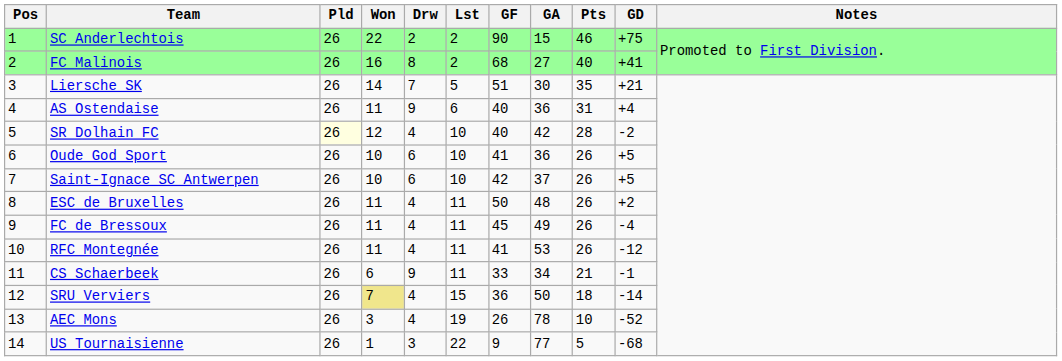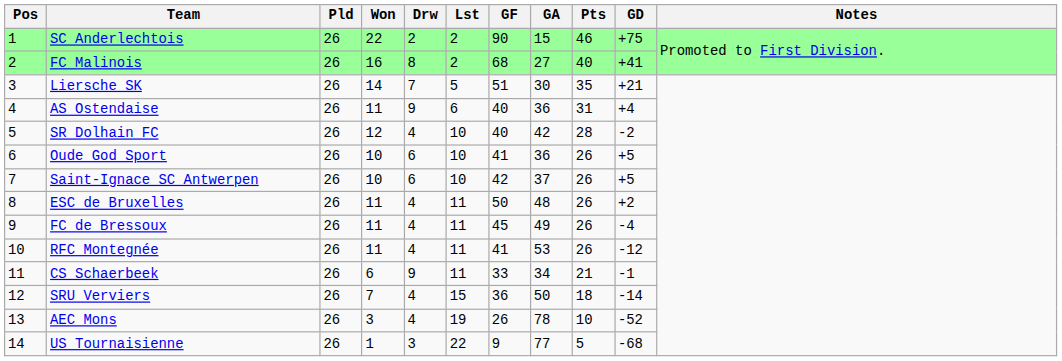 <table class="wikitable" width=70% style="font-size:90%">
 <tr>
 <th width=4%><strong>Pos</strong></th>
 <th width=26%><strong>Team</strong></th>
 <th width=4%><strong>Pld</strong></th>
 <th width=4%><strong>Won</strong></th>
 <th width=4%><strong>Drw</strong></th>
 <th width=4%><strong>Lst</strong></th>
 <th width=4%><strong>GF</strong></th>
 <th width=4%><strong>GA</strong></th>
 <th width=4%><strong>Pts</strong></th>
 <th width=4%><strong>GD</strong></th>
 <th width=38%><strong>Notes</strong></th>
 </tr>
 <tr bgcolor=#99ff99>
 <td>1</td>
 <td><a href='#'>SC Anderlechtois</a></td>
 <td>26</td>
 <td>22</td>
 <td>2</td>
 <td>2</td>
 <td>90</td>
 <td>15</td>
 <td>46</td>
 <td>+75</td>
 <td rowspan=2>Promoted to <a href='#'>First Division</a>.</td>
 </tr>
 <tr bgcolor=#99ff99>
 <td>2</td>
 <td><a href='#'>FC Malinois</a></td>
 <td>26</td>
 <td>16</td>
 <td>8</td>
 <td>2</td>
 <td>68</td>
 <td>27</td>
 <td>40</td>
 <td>+41</td>
 </tr>
 <tr>
 <td>3</td>
 <td><a href='#'>Liersche SK</a></td>
 <td>26</td>
 <td>14</td>
 <td>7</td>
 <td>5</td>
 <td>51</td>
 <td>30</td>
 <td>35</td>
 <td>+21</td>
 </tr>
 <tr>
 <td>4</td>
 <td><a href='#'>AS Ostendaise</a></td>
 <td>26</td>
 <td>11</td>
 <td>9</td>
 <td>6</td>
 <td>40</td>
 <td>36</td>
 <td>31</td>
 <td>+4</td>
 </tr>
 <tr>
 <td>5</td>
 <td><a href='#'>SR Dolhain FC</a></td>
-<td style="background: lightyellow;">26</td>
+<td>26</td>
 <td>12</td>
 <td>4</td>
 <td>10</td>
 <td>40</td>
 <td>42</td>
 <td>28</td>
 <td>-2</td>
 </tr>
 <tr>
 <td>6</td>
 <td><a href='#'>Oude God Sport</a></td>
 <td>26</td>
 <td>10</td>
 <td>6</td>
 <td>10</td>
 <td>41</td>
 <td>36</td>
 <td>26</td>
 <td>+5</td>
 </tr>
 <tr>
 <td>7</td>
 <td><a href='#'>Saint-Ignace SC Antwerpen</a></td>
 <td>26</td>
 <td>10</td>
 <td>6</td>
 <td>10</td>
 <td>42</td>
 <td>37</td>
 <td>26</td>
 <td>+5</td>
 </tr>
 <tr>
 <td>8</td>
 <td><a href='#'>ESC de Bruxelles</a></td>
 <td>26</td>
 <td>11</td>
 <td>4</td>
 <td>11</td>
 <td>50</td>
 <td>48</td>
 <td>26</td>
 <td>+2</td>
 </tr>
 <tr>
 <td>9</td>
 <td><a href='#'>FC de Bressoux</a></td>
 <td>26</td>
 <td>11</td>
 <td>4</td>
 <td>11</td>
 <td>45</td>
 <td>49</td>
 <td>26</td>
 <td>-4</td>
 </tr>
 <tr>
 <td>10</td>
 <td><a href='#'>RFC Montegnée</a></td>
 <td>26</td>
 <td>11</td>
 <td>4</td>
 <td>11</td>
 <td>41</td>
 <td>53</td>
 <td>26</td>
 <td>-12</td>
 </tr>
 <tr>
 <td>11</td>
 <td><a href='#'>CS Schaerbeek</a></td>
 <td>26</td>
 <td>6</td>
 <td>9</td>
 <td>11</td>
 <td>33</td>
 <td>34</td>
 <td>21</td>
 <td>-1</td>
 </tr>
 <tr>
 <td>12</td>
 <td><a href='#'>SRU Verviers</a></td>
 <td>26</td>
-<td style="background: khaki;">7</td>
+<td>7</td>
 <td>4</td>
 <td>15</td>
 <td>36</td>
 <td>50</td>
 <td>18</td>
 <td>-14</td>
 </tr>
 <tr>
 <td>13</td>
 <td><a href='#'>AEC Mons</a></td>
 <td>26</td>
 <td>3</td>
 <td>4</td>
 <td>19</td>
 <td>26</td>
 <td>78</td>
 <td>10</td>
 <td>-52</td>
 </tr>
 <tr>
 <td>14</td>
 <td><a href='#'>US Tournaisienne</a></td>
 <td>26</td>
 <td>1</td>
 <td>3</td>
 <td>22</td>
 <td>9</td>
 <td>77</td>
 <td>5</td>
 <td>-68</td>
 </tr>
 </table>
